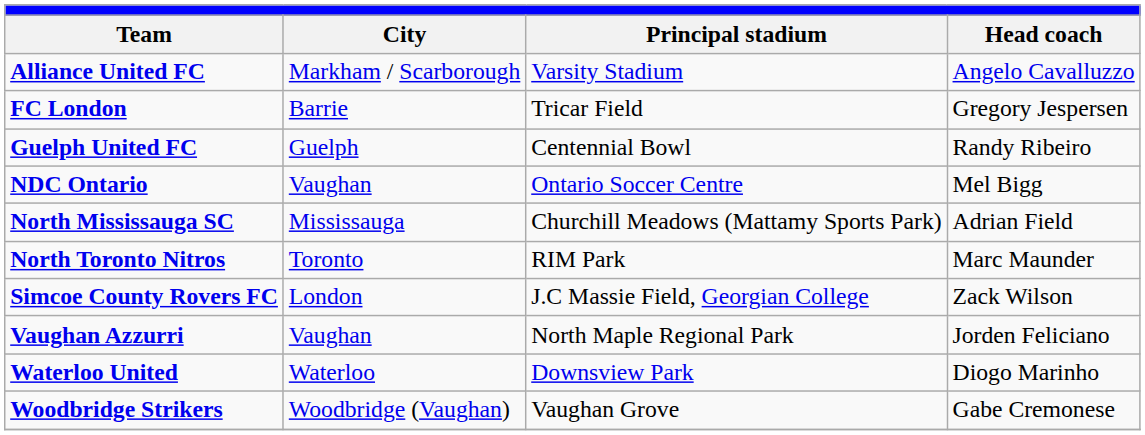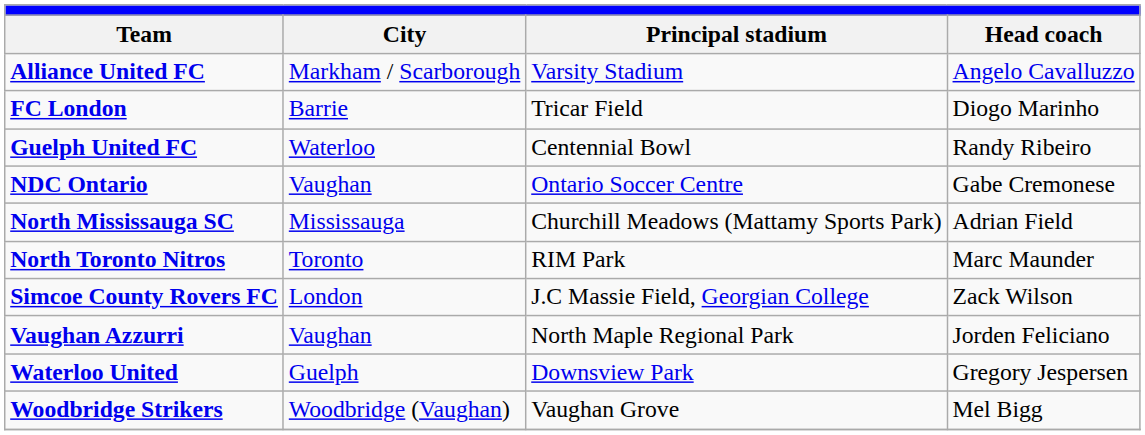 <table class="wikitable sortable">
 <tr>
 <th style="background:blue" colspan="6"></th>
 </tr>
 <tr>
 <th>Team</th>
 <th>City</th>
 <th>Principal stadium</th>
 <th>Head coach</th>
 </tr>
 <tr>
 <td><strong><a href='#'>Alliance United FC</a></strong></td>
 <td><a href='#'>Markham</a> / <a href='#'>Scarborough</a></td>
 <td><a href='#'>Varsity Stadium</a></td>
 <td><a href='#'>Angelo Cavalluzzo</a></td>
 </tr>
 <tr>
 <td><strong><a href='#'>FC London</a></strong></td>
 <td><a href='#'>Barrie</a></td>
 <td>Tricar Field</td>
-<td>Gregory Jespersen</td>
+<td>Diogo Marinho</td>
 </tr>
 <tr>
 <td><strong><a href='#'>Guelph United FC</a></strong></td>
-<td><a href='#'>Guelph</a></td>
+<td><a href='#'>Waterloo</a></td>
 <td>Centennial Bowl</td>
 <td>Randy Ribeiro</td>
 </tr>
 <tr>
 <td><strong><a href='#'>NDC Ontario</a></strong></td>
 <td><a href='#'>Vaughan</a></td>
 <td><a href='#'>Ontario Soccer Centre</a></td>
-<td>Mel Bigg</td>
+<td>Gabe Cremonese</td>
 </tr>
 <tr>
 <td><strong><a href='#'>North Mississauga SC</a></strong></td>
 <td><a href='#'>Mississauga</a></td>
 <td>Churchill Meadows (Mattamy Sports Park)</td>
 <td>Adrian Field</td>
 </tr>
 <tr>
 <td><strong><a href='#'>North Toronto Nitros</a></strong></td>
 <td><a href='#'>Toronto</a></td>
 <td>RIM Park</td>
 <td>Marc Maunder</td>
 </tr>
 <tr>
 <td><strong><a href='#'>Simcoe County Rovers FC</a></strong></td>
 <td><a href='#'>London</a></td>
 <td>J.C Massie Field, <a href='#'>Georgian College</a></td>
 <td>Zack Wilson</td>
 </tr>
 <tr>
 <td><strong><a href='#'>Vaughan Azzurri</a></strong></td>
 <td><a href='#'>Vaughan</a></td>
 <td>North Maple Regional Park</td>
 <td>Jorden Feliciano</td>
 </tr>
 <tr>
 <td><strong><a href='#'>Waterloo United</a></strong></td>
-<td><a href='#'>Waterloo</a></td>
+<td><a href='#'>Guelph</a></td>
 <td><a href='#'>Downsview Park</a></td>
-<td>Diogo Marinho</td>
+<td>Gregory Jespersen</td>
 </tr>
 <tr>
 <td><strong><a href='#'>Woodbridge Strikers</a></strong></td>
 <td><a href='#'>Woodbridge</a> (<a href='#'>Vaughan</a>)</td>
 <td>Vaughan Grove</td>
-<td>Gabe Cremonese</td>
+<td>Mel Bigg</td>
 </tr>
 <tr>
 </tr>
 </table>
